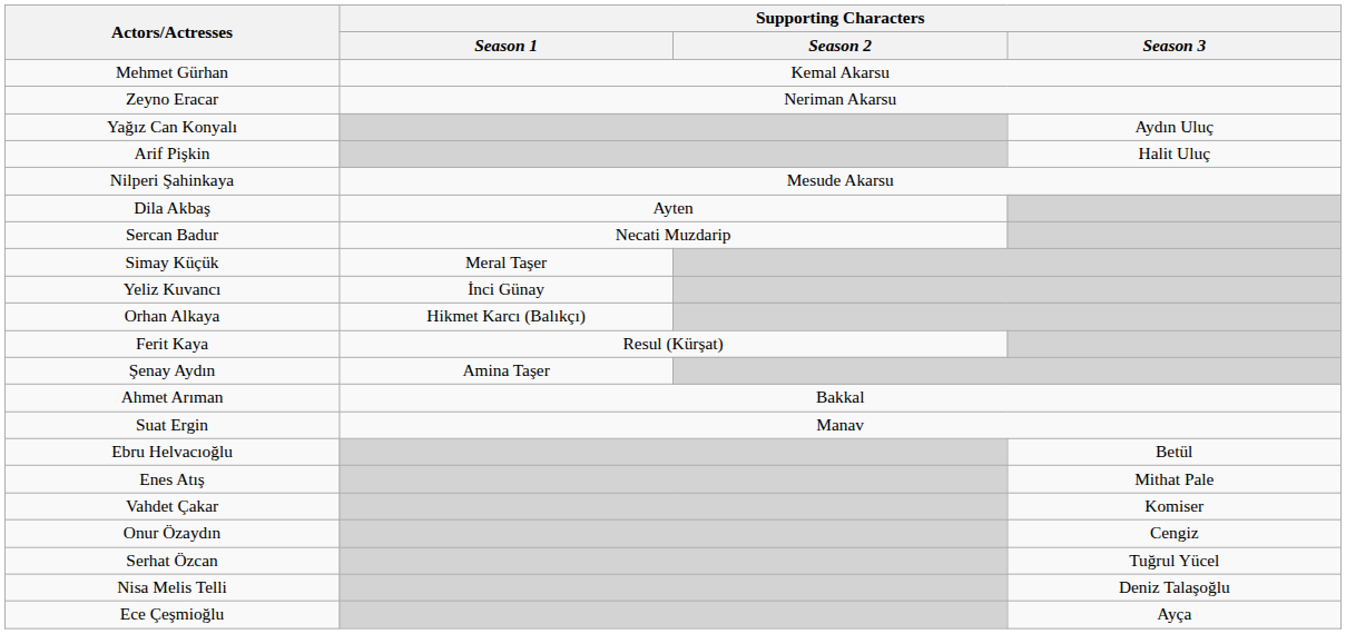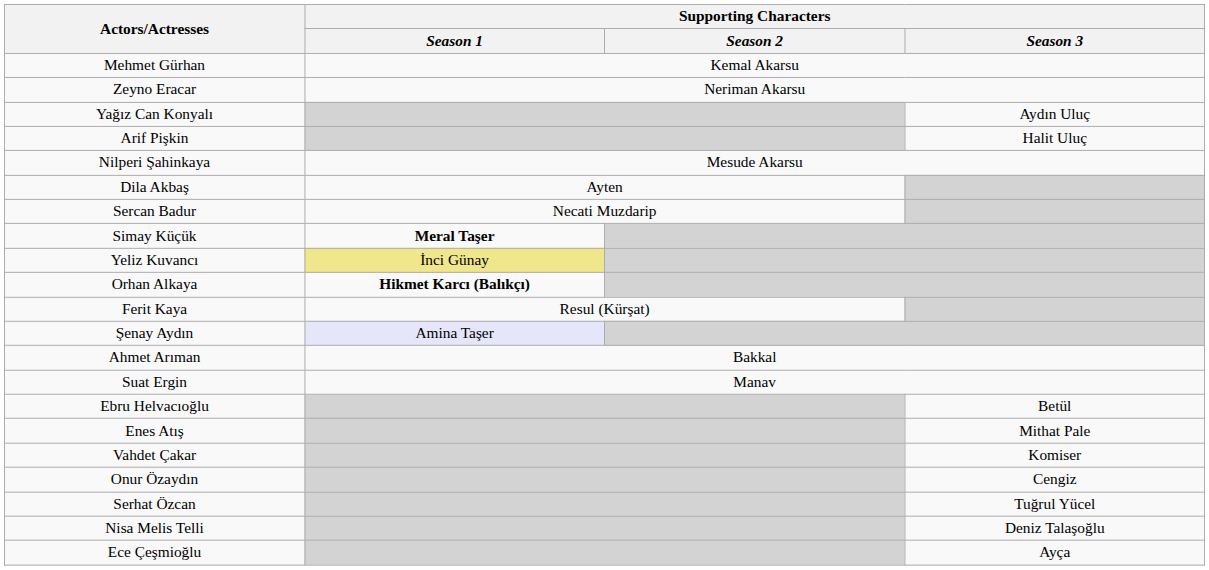 <table class="wikitable mw-collapsible mw-collapsed" style="text-align:center; width:99%;">
 <tr>
 <th rowspan=2 style="width:16.5%;">Actors/Actresses</th>
 <th colspan=3 style="text-align:center;">Supporting Characters</th>
 </tr>
 <tr>
 <th style="text-align:center; width:16.5%;"><em>Season 1</em></th>
 <th style="text-align:center; width:16.5%;"><em>Season 2</em></th>
 <th style="text-align:center; width:16.5%;"><em>Season 3</em></th>
 </tr>
 <tr>
 <td>Mehmet Gürhan</td>
 <td colspan=3>Kemal Akarsu</td>
 </tr>
 <tr>
 <td>Zeyno Eracar</td>
 <td colspan=3>Neriman Akarsu</td>
 </tr>
 <tr>
 <td>Yağız Can Konyalı</td>
 <td colspan=2 style="background:lightgrey;"></td>
 <td colspan=3>Aydın Uluç</td>
 </tr>
 <tr>
 <td>Arif Pişkin</td>
 <td colspan=2 style="background:lightgrey;"></td>
 <td colspan=3>Halit Uluç</td>
 </tr>
 <tr>
 <td>Nilperi Şahinkaya</td>
 <td colspan=3>Mesude Akarsu</td>
 </tr>
 <tr>
 <td>Dila Akbaş</td>
 <td colspan=2>Ayten</td>
 <td colspan=3 style="background:lightgrey;"></td>
 </tr>
 <tr>
 <td>Sercan Badur</td>
 <td colspan=2>Necati Muzdarip</td>
 <td colspan=3 style="background:lightgrey;"></td>
 </tr>
 <tr>
 <td>Simay Küçük</td>
-<td colspan=1>Meral Taşer</td>
+<td colspan=1><strong>Meral Taşer</strong></td>
 <td colspan=3 style="background:lightgrey;"></td>
 </tr>
 <tr>
 <td>Yeliz Kuvancı</td>
-<td colspan=1>İnci Günay</td>
+<td colspan=1 style="background: khaki;">İnci Günay</td>
 <td colspan=3 style="background:lightgrey;"></td>
 </tr>
 <tr>
 <td>Orhan Alkaya</td>
-<td colspan=1>Hikmet Karcı (Balıkçı)</td>
+<td colspan=1><strong>Hikmet Karcı (Balıkçı)</strong></td>
 <td colspan=3 style="background:lightgrey;"></td>
 </tr>
 <tr>
 <td>Ferit Kaya</td>
 <td colspan=2>Resul (Kürşat)</td>
 <td colspan=3 style="background:lightgrey;"></td>
 </tr>
 <tr>
 <td>Şenay Aydın</td>
-<td colspan=1>Amina Taşer</td>
+<td colspan=1 style="background: lavender;">Amina Taşer</td>
 <td colspan=2 style="background:lightgrey;"></td>
 </tr>
 <tr>
 <td>Ahmet Arıman</td>
 <td colspan=3>Bakkal</td>
 </tr>
 <tr>
 <td>Suat Ergin</td>
 <td colspan=3>Manav</td>
 </tr>
 <tr>
 <td>Ebru Helvacıoğlu</td>
 <td colspan=2 style="background:lightgrey;"></td>
 <td colspan=3>Betül</td>
 </tr>
 <tr>
 <td>Enes Atış</td>
 <td colspan=2 style="background:lightgrey;"></td>
 <td colspan=3>Mithat Pale</td>
 </tr>
 <tr>
 <td>Vahdet Çakar</td>
 <td colspan=2 style="background:lightgrey;"></td>
 <td colspan=3>Komiser</td>
 </tr>
 <tr>
 <td>Onur Özaydın</td>
 <td colspan=2 style="background:lightgrey;"></td>
 <td colspan=3>Cengiz</td>
 </tr>
 <tr>
 <td>Serhat Özcan</td>
 <td colspan=2 style="background:lightgrey;"></td>
 <td colspan=3>Tuğrul Yücel</td>
 </tr>
 <tr>
 <td>Nisa Melis Telli</td>
 <td colspan=2 style="background:lightgrey;"></td>
 <td colspan=3>Deniz Talaşoğlu</td>
 </tr>
 <tr>
 <td>Ece Çeşmioğlu</td>
 <td colspan=2 style="background:lightgrey;"></td>
 <td colspan=3>Ayça</td>
 </tr>
 </table>
